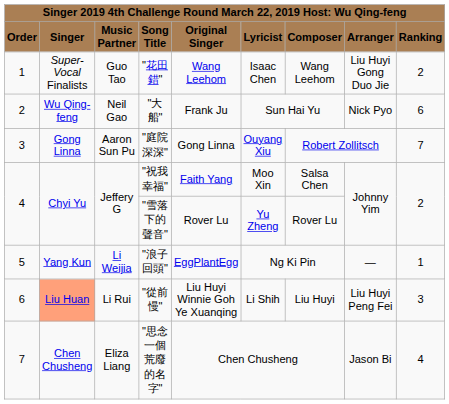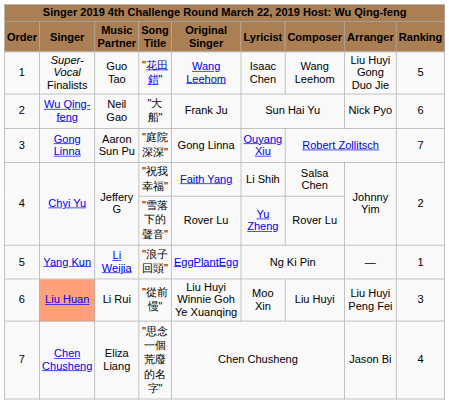 <table class="wikitable mw-collapsible" width="100%" style="text-align:center">
 <tr align=center style="background:#AA7F54">
 <td colspan="9"><div><strong>Singer 2019 4th Challenge Round March 22, 2019 Host: Wu Qing-feng</strong></div></td>
 </tr>
 <tr style="background:#AA7F54">
 <td style="width:7%"><strong>Order</strong></td>
 <td style="width:8%"><strong>Singer</strong></td>
 <td style="width:9%"><strong>Music Partner</strong></td>
 <td style="width:18%"><strong>Song Title</strong></td>
 <td style="width:12%"><strong>Original Singer</strong></td>
 <td style="width:12% "><strong>Lyricist</strong></td>
 <td style="width:12%"><strong>Composer</strong></td>
 <td style="width:15%"><strong>Arranger</strong></td>
 <td style="width:7%"><strong>Ranking</strong></td>
 </tr>
 <tr>
 <td>1</td>
 <td><em>Super-Vocal</em> Finalists</td>
 <td>Guo Tao</td>
 <td>"<a href='#'>花田錯</a>"</td>
 <td><a href='#'>Wang Leehom</a></td>
 <td>Isaac Chen</td>
 <td>Wang Leehom</td>
 <td>Liu Huyi<br>Gong Duo Jie</td>
-<td>2</td>
+<td>5</td>
 </tr>
 <tr>
 <td>2</td>
 <td><a href='#'>Wu Qing-feng</a></td>
 <td>Neil Gao</td>
 <td>"大船"</td>
 <td>Frank Ju</td>
 <td colspan=2>Sun Hai Yu</td>
 <td>Nick Pyo</td>
 <td>6</td>
 </tr>
 <tr>
 <td>3</td>
 <td><a href='#'>Gong Linna</a></td>
 <td>Aaron Sun Pu</td>
 <td>"庭院深深"</td>
 <td>Gong Linna</td>
 <td><a href='#'>Ouyang Xiu</a></td>
 <td colspan=2><a href='#'>Robert Zollitsch</a></td>
 <td>7</td>
 </tr>
 <tr>
 <td rowspan=2>4</td>
 <td rowspan=2><a href='#'>Chyi Yu</a></td>
 <td rowspan=2>Jeffery G</td>
 <td>"祝我幸福"</td>
 <td><a href='#'>Faith Yang</a></td>
-<td>Moo Xin</td>
+<td>Li Shih</td>
 <td>Salsa Chen</td>
 <td rowspan=2>Johnny Yim</td>
 <td rowspan=2>2</td>
 </tr>
 <tr>
 <td>"‎雪落下的聲音"</td>
 <td>Rover Lu</td>
 <td><a href='#'>Yu Zheng</a></td>
 <td>Rover Lu</td>
 </tr>
 <tr>
 <td>5</td>
 <td><a href='#'>Yang Kun</a></td>
 <td><a href='#'>Li Weijia</a></td>
 <td>"浪子回頭"</td>
 <td><a href='#'>EggPlantEgg</a></td>
 <td colspan=2>Ng Ki Pin</td>
 <td>—</td>
 <td>1</td>
 </tr>
 <tr>
 <td>6</td>
 <td style="background: lightsalmon;"><a href='#'>Liu Huan</a></td>
 <td>Li Rui</td>
 <td>"從前慢"</td>
 <td>Liu Huyi<br>Winnie Goh<br>Ye Xuanqing<br></td>
-<td>Li Shih</td>
+<td>Moo Xin</td>
 <td>Liu Huyi</td>
 <td>Liu Huyi<br>Peng Fei</td>
 <td>3</td>
 </tr>
 <tr>
 <td>7</td>
 <td><a href='#'>Chen Chusheng</a></td>
 <td>Eliza Liang</td>
 <td>"思念一個荒廢的名字"</td>
 <td colspan=3>Chen Chusheng</td>
 <td>Jason Bi</td>
 <td>4</td>
 </tr>
 </table>
